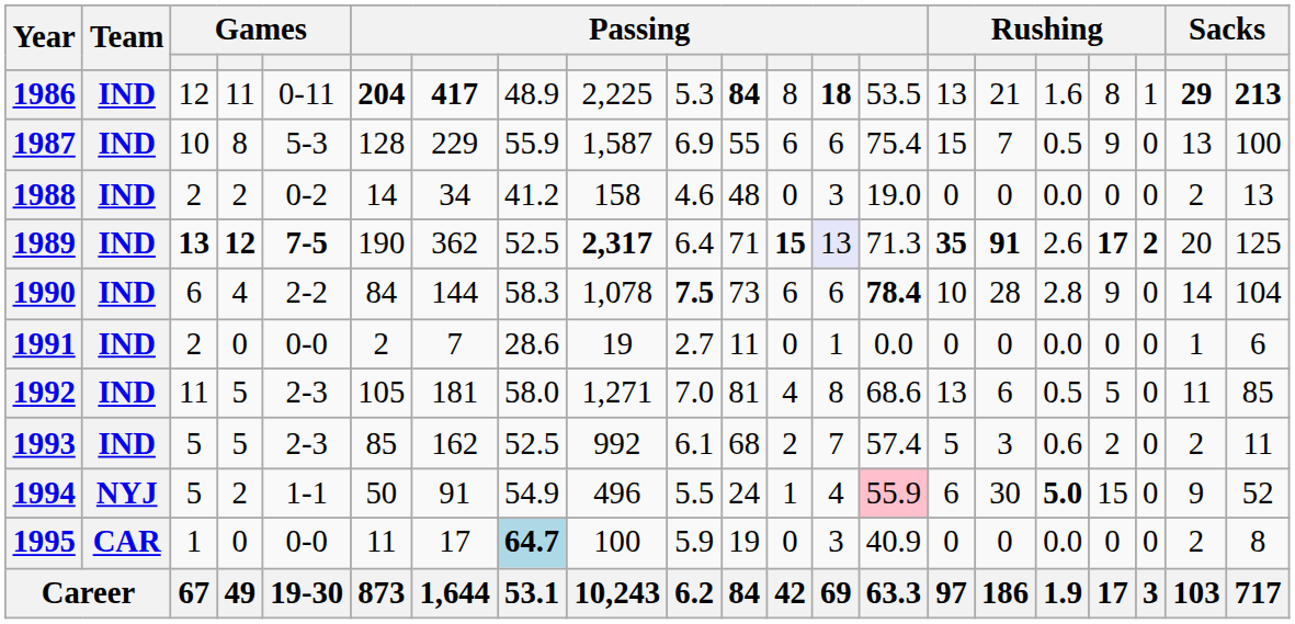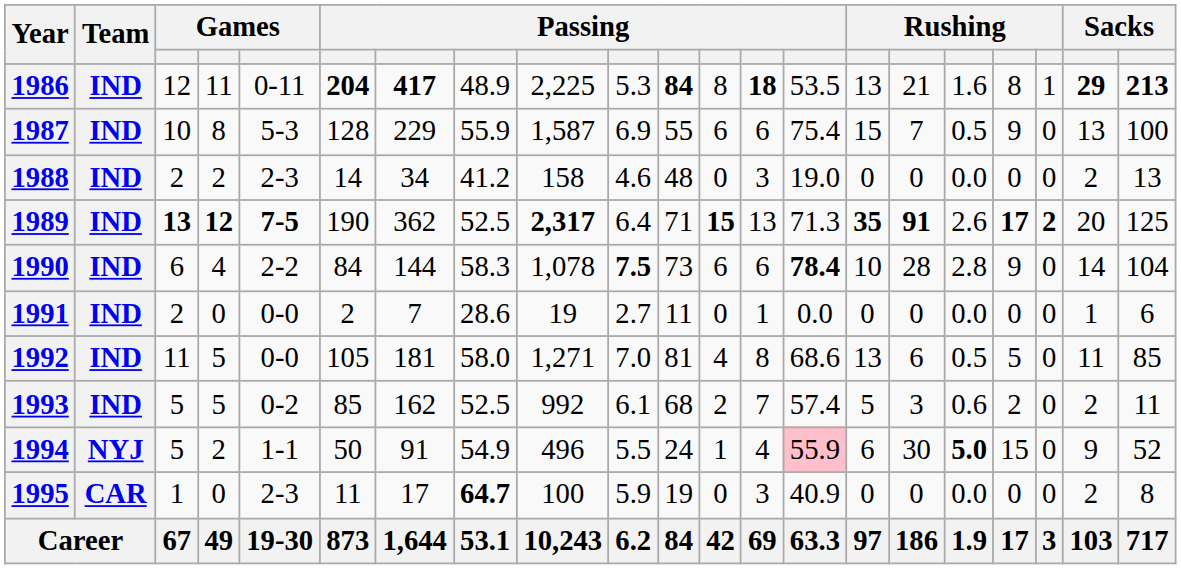 <table class="wikitable" style="text-align:center;">
 <tr>
 <th rowspan="2">Year</th>
 <th rowspan="2">Team</th>
 <th colspan="3">Games</th>
 <th colspan="9">Passing</th>
 <th colspan="5">Rushing</th>
 <th colspan="2">Sacks</th>
 </tr>
 <tr>
 <th></th>
 <th></th>
 <th></th>
 <th></th>
 <th></th>
 <th></th>
 <th></th>
 <th></th>
 <th></th>
 <th></th>
 <th></th>
 <th></th>
 <th></th>
 <th></th>
 <th></th>
 <th></th>
 <th></th>
 <th></th>
 <th></th>
 </tr>
 <tr>
 <th><a href='#'>1986</a></th>
 <th><a href='#'>IND</a></th>
 <td>12</td>
 <td>11</td>
 <td>0-11</td>
 <td><strong>204</strong></td>
 <td><strong>417</strong></td>
 <td>48.9</td>
 <td>2,225</td>
 <td>5.3</td>
 <td><strong>84</strong></td>
 <td>8</td>
 <td><strong>18</strong></td>
 <td>53.5</td>
 <td>13</td>
 <td>21</td>
 <td>1.6</td>
 <td>8</td>
 <td>1</td>
 <td><strong>29</strong></td>
 <td><strong>213</strong></td>
 </tr>
 <tr>
 <th><a href='#'>1987</a></th>
 <th><a href='#'>IND</a></th>
 <td>10</td>
 <td>8</td>
 <td>5-3</td>
 <td>128</td>
 <td>229</td>
 <td>55.9</td>
 <td>1,587</td>
 <td>6.9</td>
 <td>55</td>
 <td>6</td>
 <td>6</td>
 <td>75.4</td>
 <td>15</td>
 <td>7</td>
 <td>0.5</td>
 <td>9</td>
 <td>0</td>
 <td>13</td>
 <td>100</td>
 </tr>
 <tr>
 <th><a href='#'>1988</a></th>
 <th><a href='#'>IND</a></th>
 <td>2</td>
 <td>2</td>
-<td>0-2</td>
+<td>2-3</td>
 <td>14</td>
 <td>34</td>
 <td>41.2</td>
 <td>158</td>
 <td>4.6</td>
 <td>48</td>
 <td>0</td>
 <td>3</td>
 <td>19.0</td>
 <td>0</td>
 <td>0</td>
 <td>0.0</td>
 <td>0</td>
 <td>0</td>
 <td>2</td>
 <td>13</td>
 </tr>
 <tr>
 <th><a href='#'>1989</a></th>
 <th><a href='#'>IND</a></th>
 <td><strong>13</strong></td>
 <td><strong>12</strong></td>
 <td><strong>7-5</strong></td>
 <td>190</td>
 <td>362</td>
 <td>52.5</td>
 <td><strong>2,317</strong></td>
 <td>6.4</td>
 <td>71</td>
 <td><strong>15</strong></td>
-<td style="background: lavender;">13</td>
+<td>13</td>
 <td>71.3</td>
 <td><strong>35</strong></td>
 <td><strong>91</strong></td>
 <td>2.6</td>
 <td><strong>17</strong></td>
 <td><strong>2</strong></td>
 <td>20</td>
 <td>125</td>
 </tr>
 <tr>
 <th><a href='#'>1990</a></th>
 <th><a href='#'>IND</a></th>
 <td>6</td>
 <td>4</td>
 <td>2-2</td>
 <td>84</td>
 <td>144</td>
 <td>58.3</td>
 <td>1,078</td>
 <td><strong>7.5</strong></td>
 <td>73</td>
 <td>6</td>
 <td>6</td>
 <td><strong>78.4</strong></td>
 <td>10</td>
 <td>28</td>
 <td>2.8</td>
 <td>9</td>
 <td>0</td>
 <td>14</td>
 <td>104</td>
 </tr>
 <tr>
 <th><a href='#'>1991</a></th>
 <th><a href='#'>IND</a></th>
 <td>2</td>
 <td>0</td>
 <td>0-0</td>
 <td>2</td>
 <td>7</td>
 <td>28.6</td>
 <td>19</td>
 <td>2.7</td>
 <td>11</td>
 <td>0</td>
 <td>1</td>
 <td>0.0</td>
 <td>0</td>
 <td>0</td>
 <td>0.0</td>
 <td>0</td>
 <td>0</td>
 <td>1</td>
 <td>6</td>
 </tr>
 <tr>
 <th><a href='#'>1992</a></th>
 <th><a href='#'>IND</a></th>
 <td>11</td>
 <td>5</td>
-<td>2-3</td>
+<td>0-0</td>
 <td>105</td>
 <td>181</td>
 <td>58.0</td>
 <td>1,271</td>
 <td>7.0</td>
 <td>81</td>
 <td>4</td>
 <td>8</td>
 <td>68.6</td>
 <td>13</td>
 <td>6</td>
 <td>0.5</td>
 <td>5</td>
 <td>0</td>
 <td>11</td>
 <td>85</td>
 </tr>
 <tr>
 <th><a href='#'>1993</a></th>
 <th><a href='#'>IND</a></th>
 <td>5</td>
 <td>5</td>
-<td>2-3</td>
+<td>0-2</td>
 <td>85</td>
 <td>162</td>
 <td>52.5</td>
 <td>992</td>
 <td>6.1</td>
 <td>68</td>
 <td>2</td>
 <td>7</td>
 <td>57.4</td>
 <td>5</td>
 <td>3</td>
 <td>0.6</td>
 <td>2</td>
 <td>0</td>
 <td>2</td>
 <td>11</td>
 </tr>
 <tr>
 <th><a href='#'>1994</a></th>
 <th><a href='#'>NYJ</a></th>
 <td>5</td>
 <td>2</td>
 <td>1-1</td>
 <td>50</td>
 <td>91</td>
 <td>54.9</td>
 <td>496</td>
 <td>5.5</td>
 <td>24</td>
 <td>1</td>
 <td>4</td>
 <td style="background: pink;">55.9</td>
 <td>6</td>
 <td>30</td>
 <td><strong>5.0</strong></td>
 <td>15</td>
 <td>0</td>
 <td>9</td>
 <td>52</td>
 </tr>
 <tr>
 <th><a href='#'>1995</a></th>
 <th><a href='#'>CAR</a></th>
 <td>1</td>
 <td>0</td>
-<td>0-0</td>
+<td>2-3</td>
 <td>11</td>
 <td>17</td>
-<td style="background: lightblue;"><strong>64.7</strong></td>
+<td><strong>64.7</strong></td>
 <td>100</td>
 <td>5.9</td>
 <td>19</td>
 <td>0</td>
 <td>3</td>
 <td>40.9</td>
 <td>0</td>
 <td>0</td>
 <td>0.0</td>
 <td>0</td>
 <td>0</td>
 <td>2</td>
 <td>8</td>
 </tr>
 <tr>
 <th colspan="2">Career</th>
 <th>67</th>
 <th>49</th>
 <th>19-30</th>
 <th>873</th>
 <th>1,644</th>
 <th>53.1</th>
 <th>10,243</th>
 <th>6.2</th>
 <th>84</th>
 <th>42</th>
 <th>69</th>
 <th>63.3</th>
 <th>97</th>
 <th>186</th>
 <th>1.9</th>
 <th>17</th>
 <th>3</th>
 <th>103</th>
 <th>717</th>
 </tr>
 </table>
